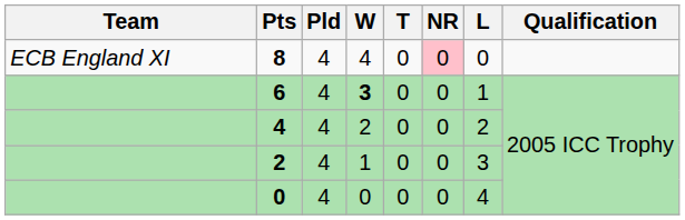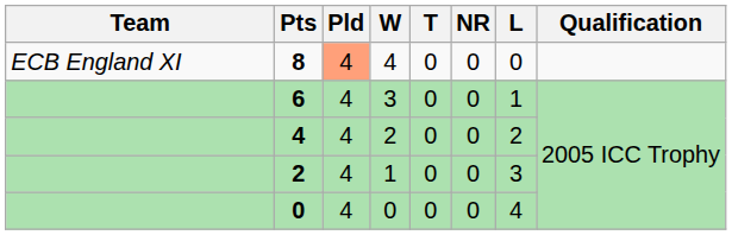 <table class="wikitable" style="text-align:center">
 <tr>
 <th width=175>Team</th>
 <th width=20  abbr="Points">Pts</th>
 <th width=20  abbr="Played">Pld</th>
 <th width=20  abbr="Won">W</th>
 <th width=20  abbr="Tie">T</th>
 <th width=20  abbr="No Result">NR</th>
 <th width=20  abbr="Loss">L</th>
 <th>Qualification</th>
 </tr>
 <tr>
 <td style="text-align:left;'"><em> ECB England XI</em></td>
 <td><strong>8</strong></td>
-<td>4</td>
+<td style="background: lightsalmon;">4</td>
 <td>4</td>
 <td>0</td>
-<td style="background: pink;">0</td>
+<td>0</td>
 <td>0</td>
 <td></td>
 </tr>
 <tr bgcolor=ACE1AF>
 <td style="text-align:left;"><strong></strong></td>
 <td><strong>6</strong></td>
 <td>4</td>
-<td><strong>3</strong></td>
+<td>3</td>
 <td>0</td>
 <td>0</td>
 <td>1</td>
 <td rowspan=4>2005 ICC Trophy</td>
 </tr>
 <tr bgcolor=ACE1AF>
 <td style="text-align:left;"><strong></strong></td>
 <td><strong>4</strong></td>
 <td>4</td>
 <td>2</td>
 <td>0</td>
 <td>0</td>
 <td>2</td>
 </tr>
 <tr bgcolor=ACE1AF>
 <td style="text-align:left;"><strong></strong></td>
 <td><strong>2</strong></td>
 <td>4</td>
 <td>1</td>
 <td>0</td>
 <td>0</td>
 <td>3</td>
 </tr>
 <tr bgcolor=ACE1AF>
 <td style="text-align:left;"><strong></strong></td>
 <td><strong>0</strong></td>
 <td>4</td>
 <td>0</td>
 <td>0</td>
 <td>0</td>
 <td>4</td>
 </tr>
 </table>
